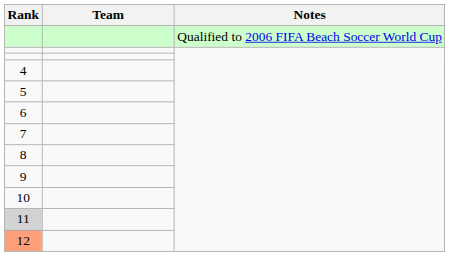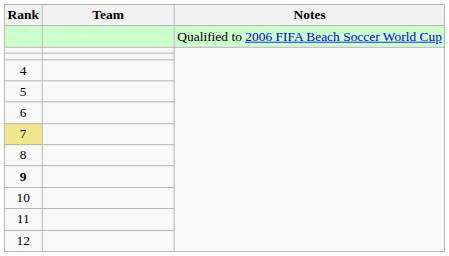 <table class="wikitable" style="text-align: center; font-size: 100%;">
 <tr>
 <th>Rank</th>
 <th width=150>Team</th>
 <th>Notes</th>
 </tr>
 <tr bgcolor="#ccffcc">
 <td></td>
 <td align=left><strong></strong></td>
 <td>Qualified to <a href='#'>2006 FIFA Beach Soccer World Cup</a></td>
 </tr>
 <tr>
 <td></td>
 <td align=left></td>
 <td rowspan=11></td>
 </tr>
 <tr>
 <td></td>
 <td align=left></td>
 </tr>
 <tr>
 <td>4</td>
 <td align=left></td>
 </tr>
 <tr>
 <td>5</td>
 <td align=left></td>
 </tr>
 <tr>
 <td>6</td>
 <td align=left></td>
 </tr>
 <tr>
-<td>7</td>
+<td style="background: khaki;">7</td>
 <td align=left></td>
 </tr>
 <tr>
 <td>8</td>
 <td align=left></td>
 </tr>
 <tr>
-<td>9</td>
+<td><strong>9</strong></td>
 <td align=left></td>
 </tr>
 <tr>
 <td>10</td>
 <td align=left></td>
 </tr>
 <tr>
-<td style="background: lightgrey;">11</td>
+<td>11</td>
 <td align=left></td>
 </tr>
 <tr>
-<td style="background: lightsalmon;">12</td>
+<td>12</td>
 <td align=left></td>
 </tr>
 </table>
